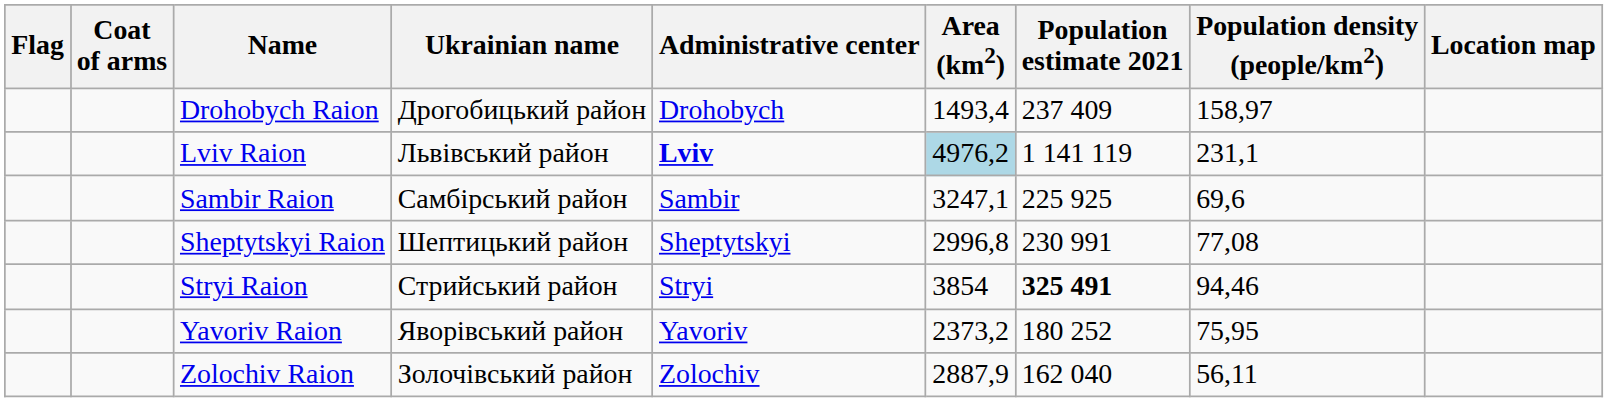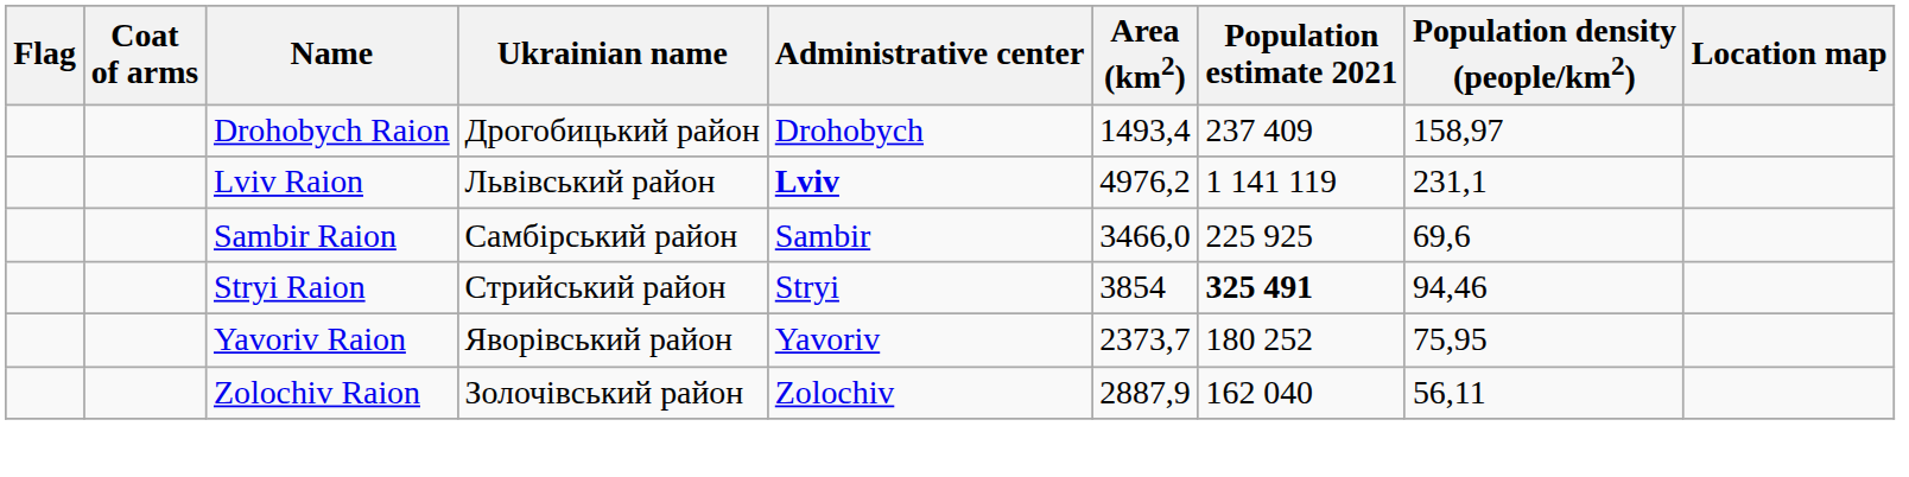 <table class="sortable wikitable">
 <tr>
 <th>Flag</th>
 <th>Coat<br>of arms</th>
 <th>Name</th>
 <th>Ukrainian name</th>
 <th>Administrative center</th>
 <th>Area <br>(km<sup>2</sup>)</th>
 <th>Population<br>estimate 2021</th>
 <th>Population density <br> (people/km<sup>2</sup>)</th>
 <th>Location map</th>
 </tr>
 <tr>
 <td></td>
 <td></td>
 <td><a href='#'>Drohobych Raion</a></td>
 <td>Дрогобицький район</td>
 <td><a href='#'>Drohobych</a></td>
 <td>1493,4</td>
 <td>237 409</td>
 <td>158,97</td>
 <td></td>
 </tr>
 <tr>
 <td></td>
 <td></td>
 <td><a href='#'>Lviv Raion</a></td>
 <td>Львівський район</td>
 <td>  <strong><a href='#'>Lviv</a></strong></td>
-<td style="background: lightblue;">4976,2</td>
+<td>4976,2</td>
 <td>1 141 119</td>
 <td>231,1</td>
 <td></td>
 </tr>
 <tr>
 <td></td>
 <td></td>
 <td><a href='#'>Sambir Raion</a></td>
 <td>Самбірський район</td>
 <td> <a href='#'>Sambir</a></td>
-<td>3247,1</td>
+<td>3466,0</td>
 <td>225 925</td>
 <td>69,6</td>
-<td></td>
-</tr>
-<tr>
-<td></td>
-<td></td>
-<td><a href='#'>Sheptytskyi Raion</a></td>
-<td>Шептицький район</td>
-<td><a href='#'>Sheptytskyi</a></td>
-<td>2996,8</td>
-<td>230 991</td>
-<td>77,08</td>
 <td></td>
 </tr>
 <tr>
 <td></td>
 <td></td>
 <td><a href='#'>Stryi Raion</a></td>
 <td>Стрийський район</td>
 <td> <a href='#'>Stryi</a></td>
 <td>3854</td>
 <td><strong>325 491</strong></td>
 <td>94,46</td>
 <td></td>
 </tr>
 <tr>
 <td></td>
 <td></td>
 <td><a href='#'>Yavoriv Raion</a></td>
 <td>Яворівський район</td>
 <td> <a href='#'>Yavoriv</a></td>
-<td>2373,2</td>
+<td>2373,7</td>
 <td>180 252</td>
 <td>75,95</td>
 <td></td>
 </tr>
 <tr>
 <td></td>
 <td></td>
 <td><a href='#'>Zolochiv Raion</a></td>
 <td>Золочівський район</td>
 <td> <a href='#'>Zolochiv</a></td>
 <td>2887,9</td>
 <td>162 040</td>
 <td>56,11</td>
 <td></td>
 </tr>
 </table>
